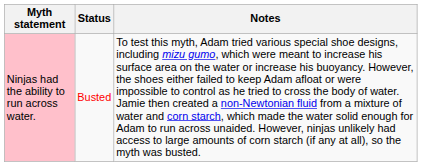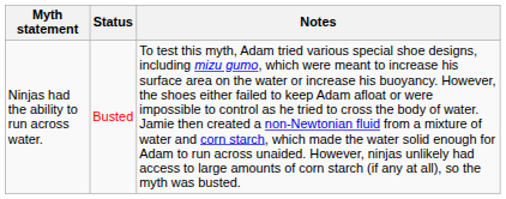 <table class="wikitable plainrowheaders">
 <tr>
 <th>Myth statement</th>
 <th>Status</th>
 <th>Notes</th>
 </tr>
 <tr>
-<td style="background: pink;">Ninjas had the ability to run across water.</td>
+<td>Ninjas had the ability to run across water.</td>
 <td style="color:red">Busted</td>
 <td>To test this myth, Adam tried various special shoe designs, including <em><a href='#'>mizu gumo</a></em>, which were meant to increase his surface area on the water or increase his buoyancy. However, the shoes either failed to keep Adam afloat or were impossible to control as he tried to cross the body of water. Jamie then created a <a href='#'>non-Newtonian fluid</a> from a mixture of water and <a href='#'>corn starch</a>, which made the water solid enough for Adam to run across unaided. However, ninjas unlikely had access to large amounts of corn starch (if any at all), so the myth was busted.</td>
 </tr>
 </table>
